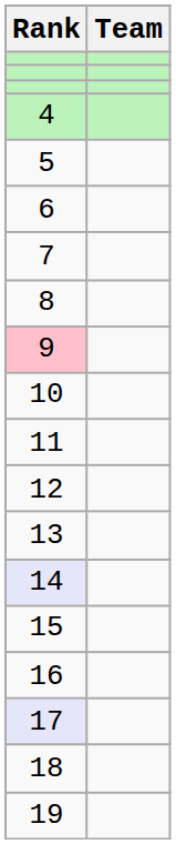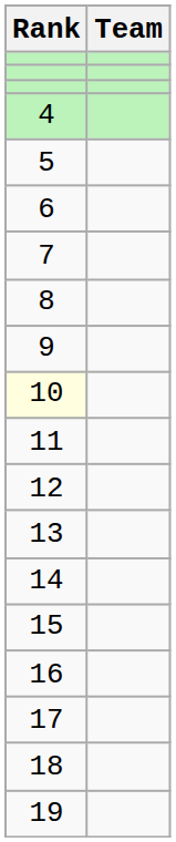 <table class=wikitable style="text-align:center;">
 <tr>
 <th>Rank</th>
 <th>Team</th>
 </tr>
 <tr bgcolor=bbf3bb>
 <td></td>
 <td align=left></td>
 </tr>
 <tr bgcolor=bbf3bb>
 <td></td>
 <td align=left></td>
 </tr>
 <tr bgcolor=bbf3bb>
 <td></td>
 <td align=left></td>
 </tr>
 <tr bgcolor=bbf3bb>
 <td>4</td>
 <td align=left></td>
 </tr>
 <tr>
 <td>5</td>
 <td align=left></td>
 </tr>
 <tr>
 <td>6</td>
 <td align=left></td>
 </tr>
 <tr>
 <td>7</td>
 <td align=left></td>
 </tr>
 <tr>
 <td>8</td>
 <td align=left></td>
 </tr>
 <tr>
-<td style="background: pink;">9</td>
+<td>9</td>
 <td align=left></td>
 </tr>
 <tr>
-<td>10</td>
+<td style="background: lightyellow;">10</td>
 <td align=left></td>
 </tr>
 <tr>
 <td>11</td>
 <td align=left></td>
 </tr>
 <tr>
 <td>12</td>
 <td align=left></td>
 </tr>
 <tr>
 <td>13</td>
 <td align=left></td>
 </tr>
 <tr>
-<td style="background: lavender;">14</td>
+<td>14</td>
 <td align=left></td>
 </tr>
 <tr>
 <td>15</td>
 <td align=left></td>
 </tr>
 <tr>
 <td>16</td>
 <td align=left></td>
 </tr>
 <tr>
-<td style="background: lavender;">17</td>
+<td>17</td>
 <td align=left></td>
 </tr>
 <tr>
 <td>18</td>
 <td align=left></td>
 </tr>
 <tr>
 <td>19</td>
 <td align=left></td>
 </tr>
 </table>
